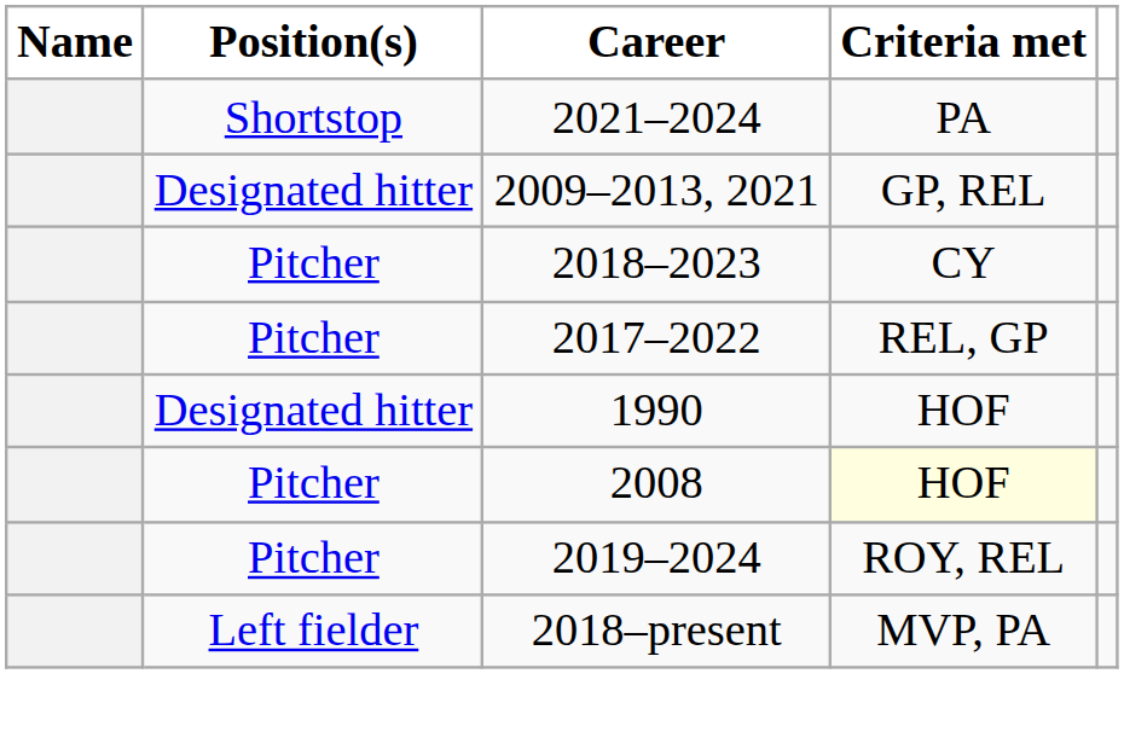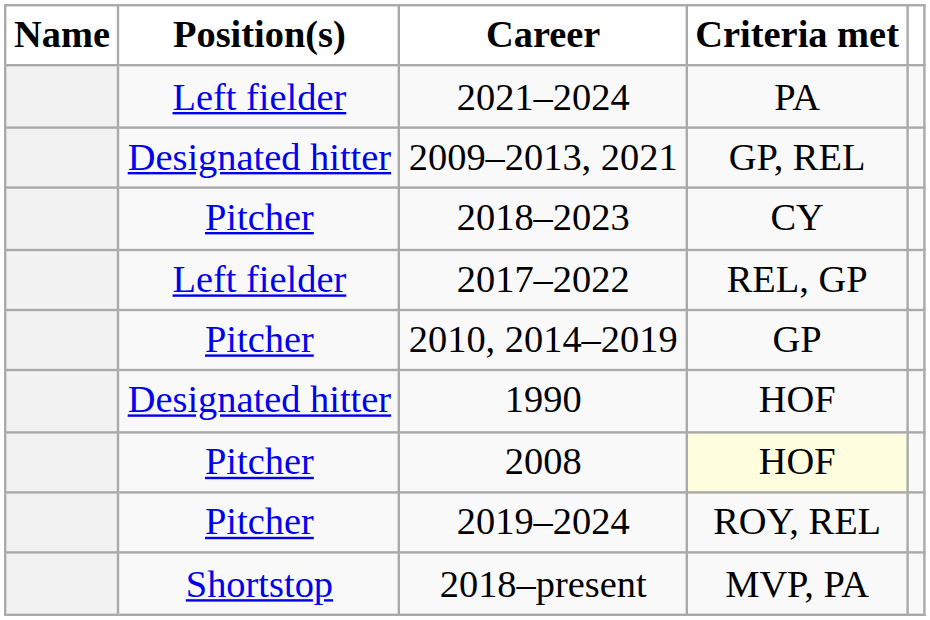 <table class="wikitable sortable plainrowheaders" style="text-align:center">
 <tr>
 <th scope="col" style="background-color:#ffffff; border-top:#">Name</th>
 <th scope="col" style="background-color:#ffffff; border-top:#">Position(s)</th>
 <th scope="col" style="background-color:#ffffff; border-top:#">Career</th>
 <th scope="col" style="background-color:#ffffff; border-top:#">Criteria met</th>
 <th scope="col" class="unsortable" style="background-color:#ffffff; border-top:#"></th>
 </tr>
 <tr>
 <th scope="row" style="text-align:center"></th>
-<td><a href='#'>Shortstop</a></td>
+<td><a href='#'>Left fielder</a></td>
 <td>2021–2024</td>
 <td>PA</td>
 <td></td>
 </tr>
 <tr>
 <th scope="row" style="text-align:center"></th>
 <td><a href='#'>Designated hitter</a></td>
 <td>2009–2013, 2021</td>
 <td>GP, REL</td>
 <td></td>
 </tr>
 <tr>
 <th scope="row" style="text-align:center"></th>
 <td><a href='#'>Pitcher</a></td>
 <td>2018–2023</td>
 <td>CY</td>
 <td></td>
 </tr>
 <tr>
 <th scope="row" style="text-align:center"></th>
-<td><a href='#'>Pitcher</a></td>
+<td><a href='#'>Left fielder</a></td>
 <td>2017–2022</td>
 <td>REL, GP</td>
+<td></td>
+</tr>
+<tr>
+<th scope="row" style="text-align:center"></th>
+<td><a href='#'>Pitcher</a></td>
+<td>2010, 2014–2019</td>
+<td>GP</td>
 <td></td>
 </tr>
 <tr>
 <th scope="row" style="text-align:center"></th>
 <td><a href='#'>Designated hitter</a></td>
 <td>1990</td>
 <td>HOF</td>
 <td></td>
 </tr>
 <tr>
 <th scope="row" style="text-align:center"></th>
 <td><a href='#'>Pitcher</a></td>
 <td>2008</td>
 <td style="background: lightyellow;">HOF</td>
 <td></td>
 </tr>
 <tr>
 <th scope="row" style="text-align:center"></th>
 <td><a href='#'>Pitcher</a></td>
 <td>2019–2024</td>
 <td>ROY, REL</td>
 <td></td>
 </tr>
 <tr>
 <th scope="row" style="text-align:center"></th>
-<td><a href='#'>Left fielder</a></td>
+<td><a href='#'>Shortstop</a></td>
 <td>2018–present</td>
 <td>MVP, PA</td>
 <td></td>
 </tr>
 </table>
